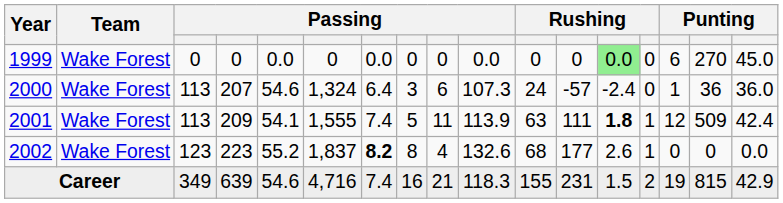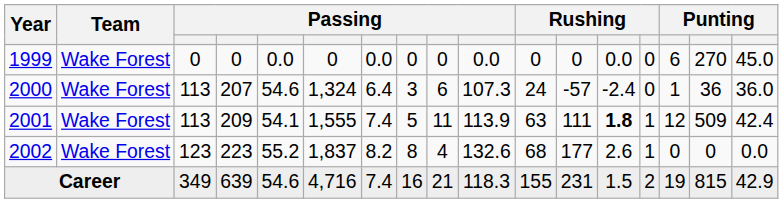 <table class="wikitable sortable" style="text-align:center;">
 <tr>
 <th rowspan=2>Year</th>
 <th rowspan=2>Team</th>
 <th colspan=8>Passing</th>
 <th colspan=4>Rushing</th>
 <th colspan=3>Punting</th>
 </tr>
 <tr>
 <th></th>
 <th></th>
 <th></th>
 <th></th>
 <th></th>
 <th></th>
 <th></th>
 <th></th>
 <th></th>
 <th></th>
 <th></th>
 <th></th>
 <th></th>
 <th></th>
 <th></th>
 </tr>
 <tr>
 <td><a href='#'>1999</a></td>
 <td><a href='#'>Wake Forest</a></td>
 <td>0</td>
 <td>0</td>
 <td>0.0</td>
 <td>0</td>
 <td>0.0</td>
 <td>0</td>
 <td>0</td>
 <td>0.0</td>
 <td>0</td>
 <td>0</td>
-<td style="background: lightgreen;">0.0</td>
+<td>0.0</td>
 <td>0</td>
 <td>6</td>
 <td>270</td>
 <td>45.0</td>
 </tr>
 <tr>
 <td><a href='#'>2000</a></td>
 <td><a href='#'>Wake Forest</a></td>
 <td>113</td>
 <td>207</td>
 <td>54.6</td>
 <td>1,324</td>
 <td>6.4</td>
 <td>3</td>
 <td>6</td>
 <td>107.3</td>
 <td>24</td>
 <td>-57</td>
 <td>-2.4</td>
 <td>0</td>
 <td>1</td>
 <td>36</td>
 <td>36.0</td>
 </tr>
 <tr>
 <td><a href='#'>2001</a></td>
 <td><a href='#'>Wake Forest</a></td>
 <td>113</td>
 <td>209</td>
 <td>54.1</td>
 <td>1,555</td>
 <td>7.4</td>
 <td>5</td>
 <td>11</td>
 <td>113.9</td>
 <td>63</td>
 <td>111</td>
 <td><strong>1.8</strong></td>
 <td>1</td>
 <td>12</td>
 <td>509</td>
 <td>42.4</td>
 </tr>
 <tr>
 <td><a href='#'>2002</a></td>
 <td><a href='#'>Wake Forest</a></td>
 <td>123</td>
 <td>223</td>
 <td>55.2</td>
 <td>1,837</td>
-<td><strong>8.2</strong></td>
+<td>8.2</td>
 <td>8</td>
 <td>4</td>
 <td>132.6</td>
 <td>68</td>
 <td>177</td>
 <td>2.6</td>
 <td>1</td>
 <td>0</td>
 <td>0</td>
 <td>0.0</td>
 </tr>
 <tr class="sortbottom" style="background:#eee;">
 <td colspan=2><strong>Career</strong></td>
 <td>349</td>
 <td>639</td>
 <td>54.6</td>
 <td>4,716</td>
 <td>7.4</td>
 <td>16</td>
 <td>21</td>
 <td>118.3</td>
 <td>155</td>
 <td>231</td>
 <td>1.5</td>
 <td>2</td>
 <td>19</td>
 <td>815</td>
 <td>42.9</td>
 </tr>
 </table>
